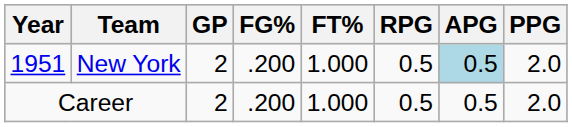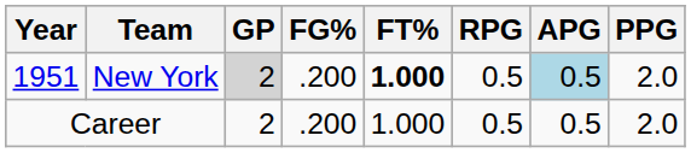 <table class="wikitable sortable" style="font-size:95%; text-align:right;">
 <tr>
 <th>Year</th>
 <th>Team</th>
 <th>GP</th>
 <th>FG%</th>
 <th>FT%</th>
 <th>RPG</th>
 <th>APG</th>
 <th>PPG</th>
 </tr>
 <tr>
 <td style="text-align:left;"><a href='#'>1951</a></td>
 <td style="text-align:left;"><a href='#'>New York</a></td>
-<td>2</td>
+<td style="background: lightgrey;">2</td>
 <td>.200</td>
-<td>1.000</td>
+<td><strong>1.000</strong></td>
 <td>0.5</td>
 <td style="background: lightblue;">0.5</td>
 <td>2.0</td>
 </tr>
 <tr>
 <td colspan="2" style="text-align:center;">Career</td>
 <td>2</td>
 <td>.200</td>
 <td>1.000</td>
 <td>0.5</td>
 <td>0.5</td>
 <td>2.0</td>
 </tr>
 </table>
